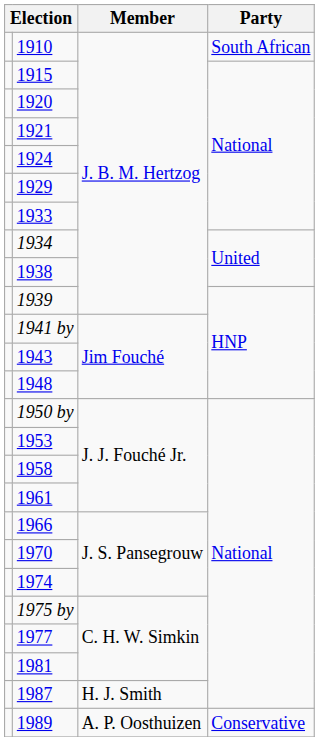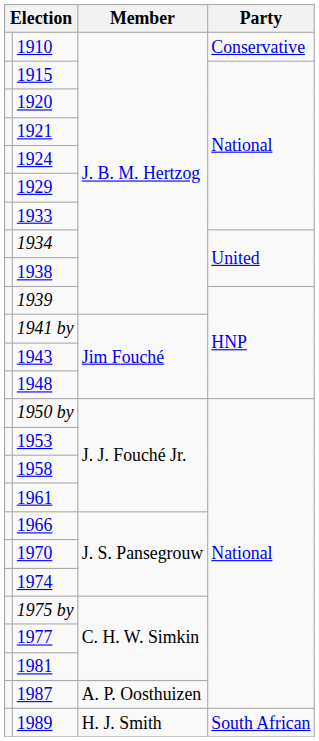 <table class="wikitable">
 <tr>
 <th colspan="2">Election</th>
 <th>Member</th>
 <th>Party</th>
 </tr>
 <tr>
 <td style="background-color: "></td>
 <td><a href='#'>1910</a></td>
 <td rowspan="10"><a href='#'>J. B. M. Hertzog</a></td>
-<td><a href='#'>South African</a></td>
+<td><a href='#'>Conservative</a></td>
 </tr>
 <tr>
 <td style="background-color: "></td>
 <td><a href='#'>1915</a></td>
 <td rowspan="6"><a href='#'>National</a></td>
 </tr>
 <tr>
 <td style="background-color: "></td>
 <td><a href='#'>1920</a></td>
 </tr>
 <tr>
 <td style="background-color: "></td>
 <td><a href='#'>1921</a></td>
 </tr>
 <tr>
 <td style="background-color: "></td>
 <td><a href='#'>1924</a></td>
 </tr>
 <tr>
 <td style="background-color: "></td>
 <td><a href='#'>1929</a></td>
 </tr>
 <tr>
 <td style="background-color: "></td>
 <td><a href='#'>1933</a></td>
 </tr>
 <tr>
 <td style="background-color: "></td>
 <td><em>1934</em></td>
 <td rowspan="2"><a href='#'>United</a></td>
 </tr>
 <tr>
 <td style="background-color: "></td>
 <td><a href='#'>1938</a></td>
 </tr>
 <tr>
 <td style="background-color: "></td>
 <td><em>1939</em></td>
 <td rowspan="4"><a href='#'>HNP</a></td>
 </tr>
 <tr>
 <td style="background-color: "></td>
 <td><em>1941 by</em></td>
 <td rowspan="3"><a href='#'>Jim Fouché</a></td>
 </tr>
 <tr>
 <td style="background-color: "></td>
 <td><a href='#'>1943</a></td>
 </tr>
 <tr>
 <td style="background-color: "></td>
 <td><a href='#'>1948</a></td>
 </tr>
 <tr>
 <td style="background-color: "></td>
 <td><em>1950 by</em></td>
 <td rowspan="4">J. J. Fouché Jr.</td>
 <td rowspan="11"><a href='#'>National</a></td>
 </tr>
 <tr>
 <td style="background-color: "></td>
 <td><a href='#'>1953</a></td>
 </tr>
 <tr>
 <td style="background-color: "></td>
 <td><a href='#'>1958</a></td>
 </tr>
 <tr>
 <td style="background-color: "></td>
 <td><a href='#'>1961</a></td>
 </tr>
 <tr>
 <td style="background-color: "></td>
 <td><a href='#'>1966</a></td>
 <td rowspan="3">J. S. Pansegrouw</td>
 </tr>
 <tr>
 <td style="background-color: "></td>
 <td><a href='#'>1970</a></td>
 </tr>
 <tr>
 <td style="background-color: "></td>
 <td><a href='#'>1974</a></td>
 </tr>
 <tr>
 <td style="background-color: "></td>
 <td><em>1975 by</em></td>
 <td rowspan="3">C. H. W. Simkin</td>
 </tr>
 <tr>
 <td style="background-color: "></td>
 <td><a href='#'>1977</a></td>
 </tr>
 <tr>
 <td style="background-color: "></td>
 <td><a href='#'>1981</a></td>
 </tr>
 <tr>
 <td style="background-color: "></td>
 <td><a href='#'>1987</a></td>
-<td>H. J. Smith</td>
+<td>A. P. Oosthuizen</td>
 </tr>
 <tr>
 <td style="background-color: "></td>
 <td><a href='#'>1989</a></td>
-<td>A. P. Oosthuizen</td>
-<td><a href='#'>Conservative</a></td>
+<td>H. J. Smith</td>
+<td><a href='#'>South African</a></td>
 </tr>
 <tr>
 </tr>
 </table>
